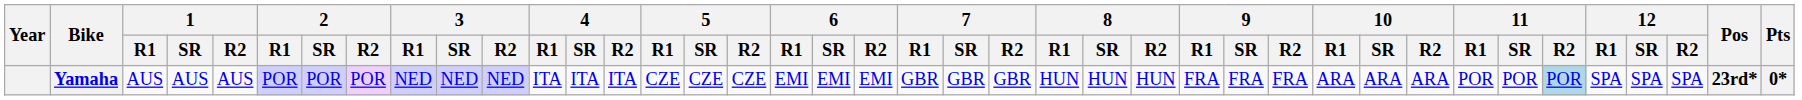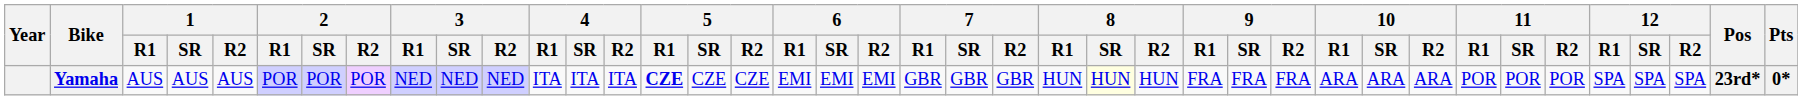 <table class="wikitable" style="text-align:center; font-size:90%;">
 <tr>
 <th rowspan="2">Year</th>
 <th rowspan="2">Bike</th>
 <th colspan="3">1</th>
 <th colspan="3">2</th>
 <th colspan="3">3</th>
 <th colspan="3">4</th>
 <th colspan="3">5</th>
 <th colspan="3">6</th>
 <th colspan="3">7</th>
 <th colspan="3">8</th>
 <th colspan="3">9</th>
 <th colspan="3">10</th>
 <th colspan="3">11</th>
 <th colspan="3">12</th>
 <th rowspan="2">Pos</th>
 <th rowspan="2">Pts</th>
 </tr>
 <tr>
 <th>R1</th>
 <th>SR</th>
 <th>R2</th>
 <th>R1</th>
 <th>SR</th>
 <th>R2</th>
 <th>R1</th>
 <th>SR</th>
 <th>R2</th>
 <th>R1</th>
 <th>SR</th>
 <th>R2</th>
 <th>R1</th>
 <th>SR</th>
 <th>R2</th>
 <th>R1</th>
 <th>SR</th>
 <th>R2</th>
 <th>R1</th>
 <th>SR</th>
 <th>R2</th>
 <th>R1</th>
 <th>SR</th>
 <th>R2</th>
 <th>R1</th>
 <th>SR</th>
 <th>R2</th>
 <th>R1</th>
 <th>SR</th>
 <th>R2</th>
 <th>R1</th>
 <th>SR</th>
 <th>R2</th>
 <th>R1</th>
 <th>SR</th>
 <th>R2</th>
 </tr>
 <tr>
 <th></th>
 <th><a href='#'>Yamaha</a></th>
 <td><a href='#'>AUS</a></td>
 <td><a href='#'>AUS</a></td>
 <td><a href='#'>AUS</a></td>
 <td style="background:#CFCFFF;"><a href='#'>POR</a><br></td>
 <td style="background:#CFCFFF;"><a href='#'>POR</a><br></td>
 <td style="background:#EFCFFF;"><a href='#'>POR</a><br></td>
 <td style="background:#CFCFFF;"><a href='#'>NED</a><br></td>
 <td style="background:#CFCFFF;"><a href='#'>NED</a><br></td>
 <td style="background:#CFCFFF;"><a href='#'>NED</a><br></td>
 <td><a href='#'>ITA</a></td>
 <td><a href='#'>ITA</a></td>
 <td><a href='#'>ITA</a></td>
-<td><a href='#'>CZE</a></td>
+<td><strong><a href='#'>CZE</a></strong></td>
 <td><a href='#'>CZE</a></td>
 <td><a href='#'>CZE</a></td>
 <td><a href='#'>EMI</a></td>
 <td><a href='#'>EMI</a></td>
 <td><a href='#'>EMI</a></td>
 <td><a href='#'>GBR</a></td>
 <td><a href='#'>GBR</a></td>
 <td><a href='#'>GBR</a></td>
 <td><a href='#'>HUN</a></td>
-<td><a href='#'>HUN</a></td>
+<td style="background: lightyellow;"><a href='#'>HUN</a></td>
 <td><a href='#'>HUN</a></td>
 <td><a href='#'>FRA</a></td>
 <td><a href='#'>FRA</a></td>
 <td><a href='#'>FRA</a></td>
 <td><a href='#'>ARA</a></td>
 <td><a href='#'>ARA</a></td>
 <td><a href='#'>ARA</a></td>
 <td><a href='#'>POR</a></td>
 <td><a href='#'>POR</a></td>
-<td style="background: lightblue;"><a href='#'>POR</a></td>
+<td><a href='#'>POR</a></td>
 <td><a href='#'>SPA</a></td>
 <td><a href='#'>SPA</a></td>
 <td><a href='#'>SPA</a></td>
 <th>23rd*</th>
 <th>0*</th>
 </tr>
 </table>
